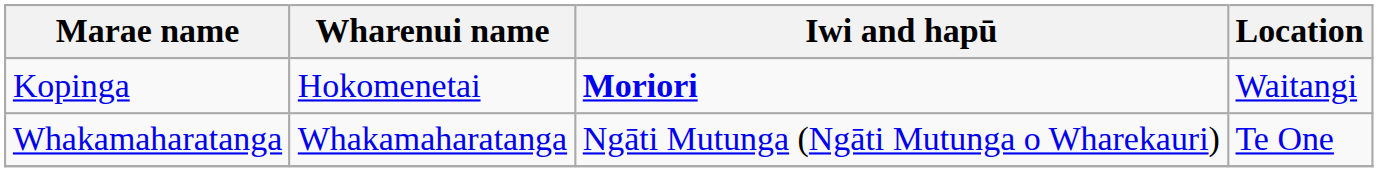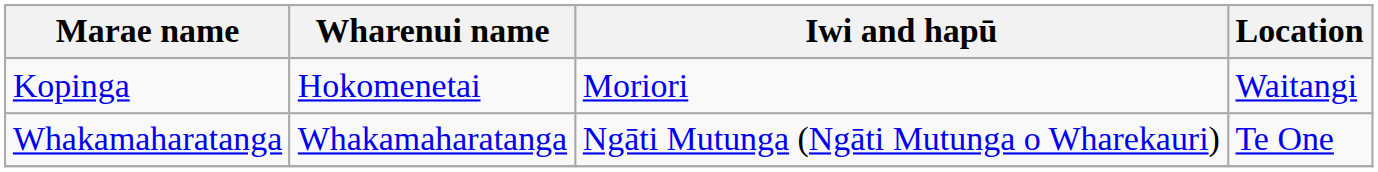 <table class="wikitable sortable">
 <tr>
 <th>Marae name</th>
 <th>Wharenui name</th>
 <th>Iwi and hapū</th>
 <th>Location</th>
 </tr>
 <tr>
 <td><a href='#'>Kopinga</a></td>
 <td><a href='#'>Hokomenetai</a></td>
-<td><strong><a href='#'>Moriori</a></strong></td>
+<td><a href='#'>Moriori</a></td>
 <td><a href='#'>Waitangi</a></td>
 </tr>
 <tr>
 <td><a href='#'>Whakamaharatanga</a></td>
 <td><a href='#'>Whakamaharatanga</a></td>
 <td><a href='#'>Ngāti Mutunga</a> (<a href='#'>Ngāti Mutunga o Wharekauri</a>)</td>
 <td><a href='#'>Te One</a></td>
 </tr>
 <tr>
 </tr>
 </table>
